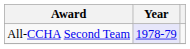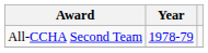 <table class="wikitable">
 <tr>
 <th>Award</th>
 <th>Year</th>
 <th></th>
 </tr>
 <tr>
 <td>All-<a href='#'>CCHA</a> <a href='#'>Second Team</a></td>
-<td style="background: lavender;"><a href='#'>1978-79</a></td>
+<td><a href='#'>1978-79</a></td>
 <td></td>
 </tr>
 <tr>
 </tr>
 </table>
